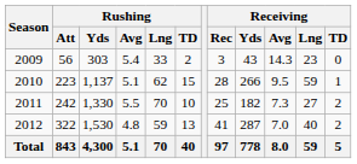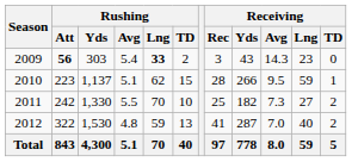 <table class=wikitable style="text-align:center;">
 <tr>
 <th rowspan=2>Season</th>
 <th colspan=5>Rushing</th>
 <th rowspan=7></th>
 <th colspan=5>Receiving</th>
 </tr>
 <tr>
 <th>Att</th>
 <th>Yds</th>
 <th>Avg</th>
 <th>Lng</th>
 <th>TD</th>
 <th>Rec</th>
 <th>Yds</th>
 <th>Avg</th>
 <th>Lng</th>
 <th>TD</th>
 </tr>
 <tr>
 <td>2009</td>
-<td>56</td>
+<td><strong>56</strong></td>
 <td>303</td>
 <td>5.4</td>
-<td>33</td>
+<td><strong>33</strong></td>
 <td>2</td>
 <td>3</td>
 <td>43</td>
 <td>14.3</td>
 <td>23</td>
 <td>0</td>
 </tr>
 <tr>
 <td>2010</td>
 <td>223</td>
 <td>1,137</td>
 <td>5.1</td>
 <td>62</td>
 <td>15</td>
 <td>28</td>
 <td>266</td>
 <td>9.5</td>
 <td>59</td>
 <td>1</td>
 </tr>
 <tr>
 <td>2011</td>
 <td>242</td>
 <td>1,330</td>
 <td>5.5</td>
 <td>70</td>
 <td>10</td>
 <td>25</td>
 <td>182</td>
 <td>7.3</td>
 <td>27</td>
 <td>2</td>
 </tr>
 <tr>
 <td>2012</td>
 <td>322</td>
 <td>1,530</td>
 <td>4.8</td>
 <td>59</td>
 <td>13</td>
 <td>41</td>
 <td>287</td>
 <td>7.0</td>
 <td>40</td>
 <td>2</td>
 </tr>
 <tr>
 <th>Total</th>
 <th>843</th>
 <th>4,300</th>
 <th>5.1</th>
 <th>70</th>
 <th>40</th>
 <th>97</th>
 <th>778</th>
 <th>8.0</th>
 <th>59</th>
 <th>5</th>
 </tr>
 </table>
